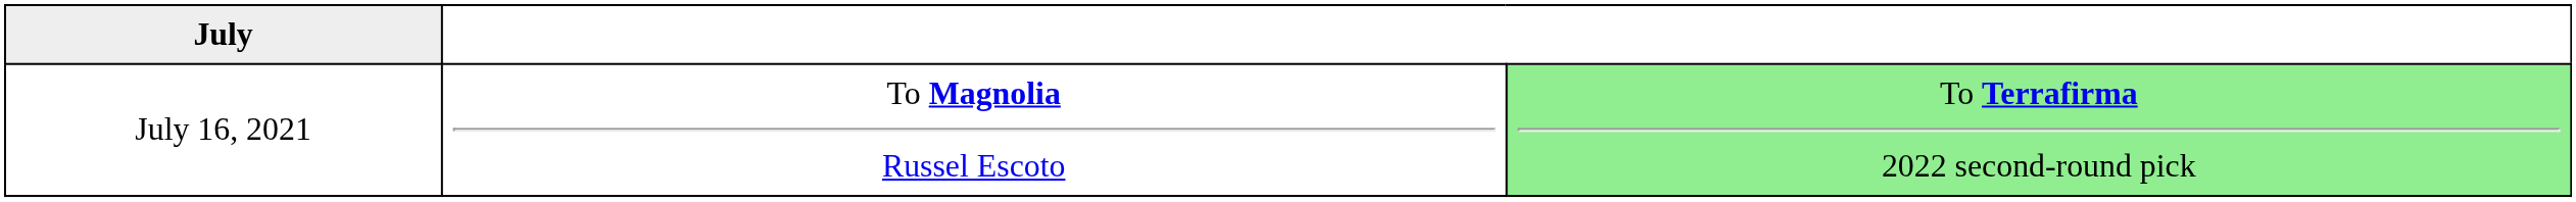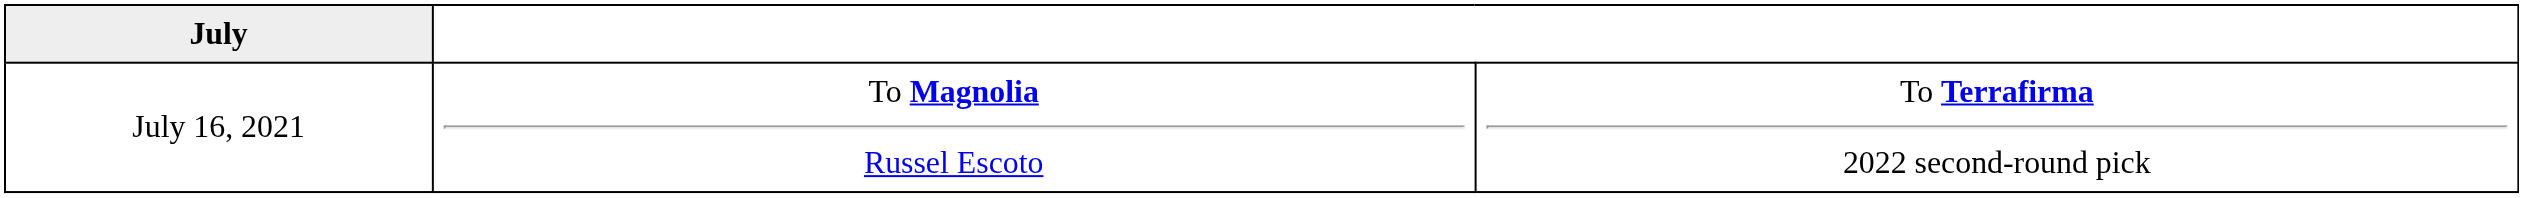 <table border=1 style="border-collapse:collapse; text-align: center; width: 100%" bordercolor="#000000"  cellpadding="5">
 <tr bgcolor="eeeeee">
 <th>July</th>
 </tr>
 <tr>
 <td style="width:12%">July 16, 2021</td>
 <td style="width:29.3%" valign="top">To <strong><a href='#'>Magnolia</a></strong><hr><a href='#'>Russel Escoto</a></td>
-<td style="background: lightgreen; width:29.3%" valign="top">To <strong><a href='#'>Terrafirma</a></strong><hr>2022 second-round pick</td>
+<td style="width:29.3%" valign="top">To <strong><a href='#'>Terrafirma</a></strong><hr>2022 second-round pick</td>
 </tr>
 </table>
